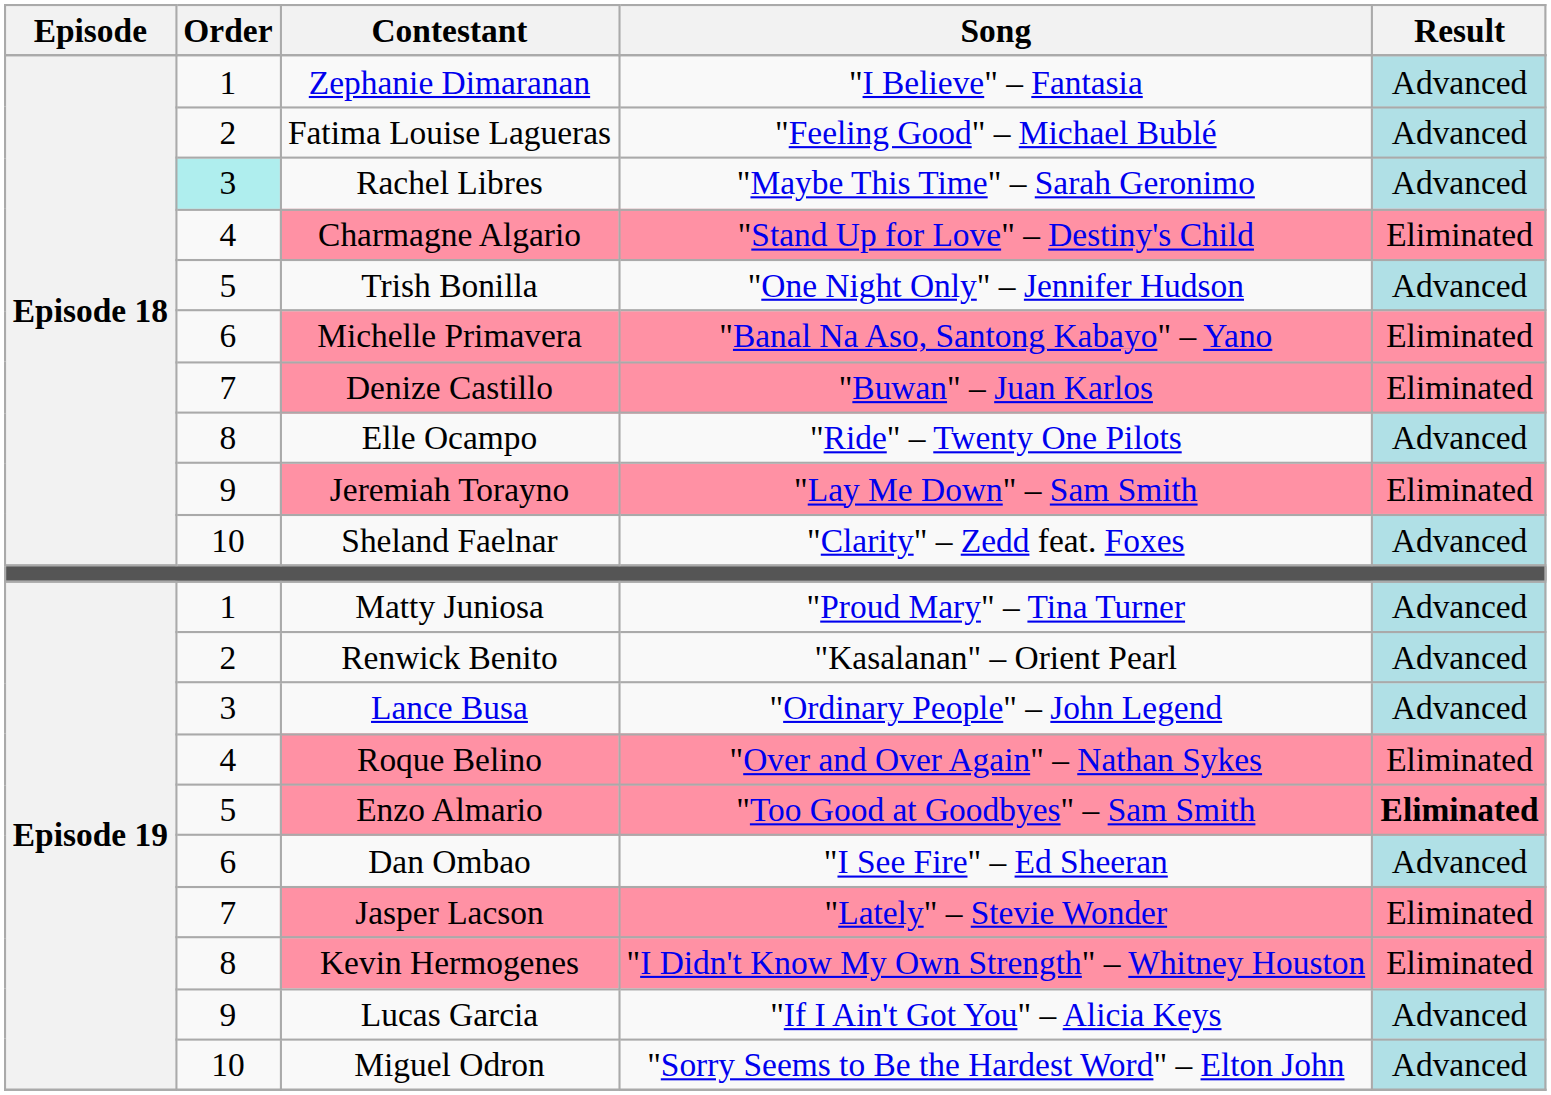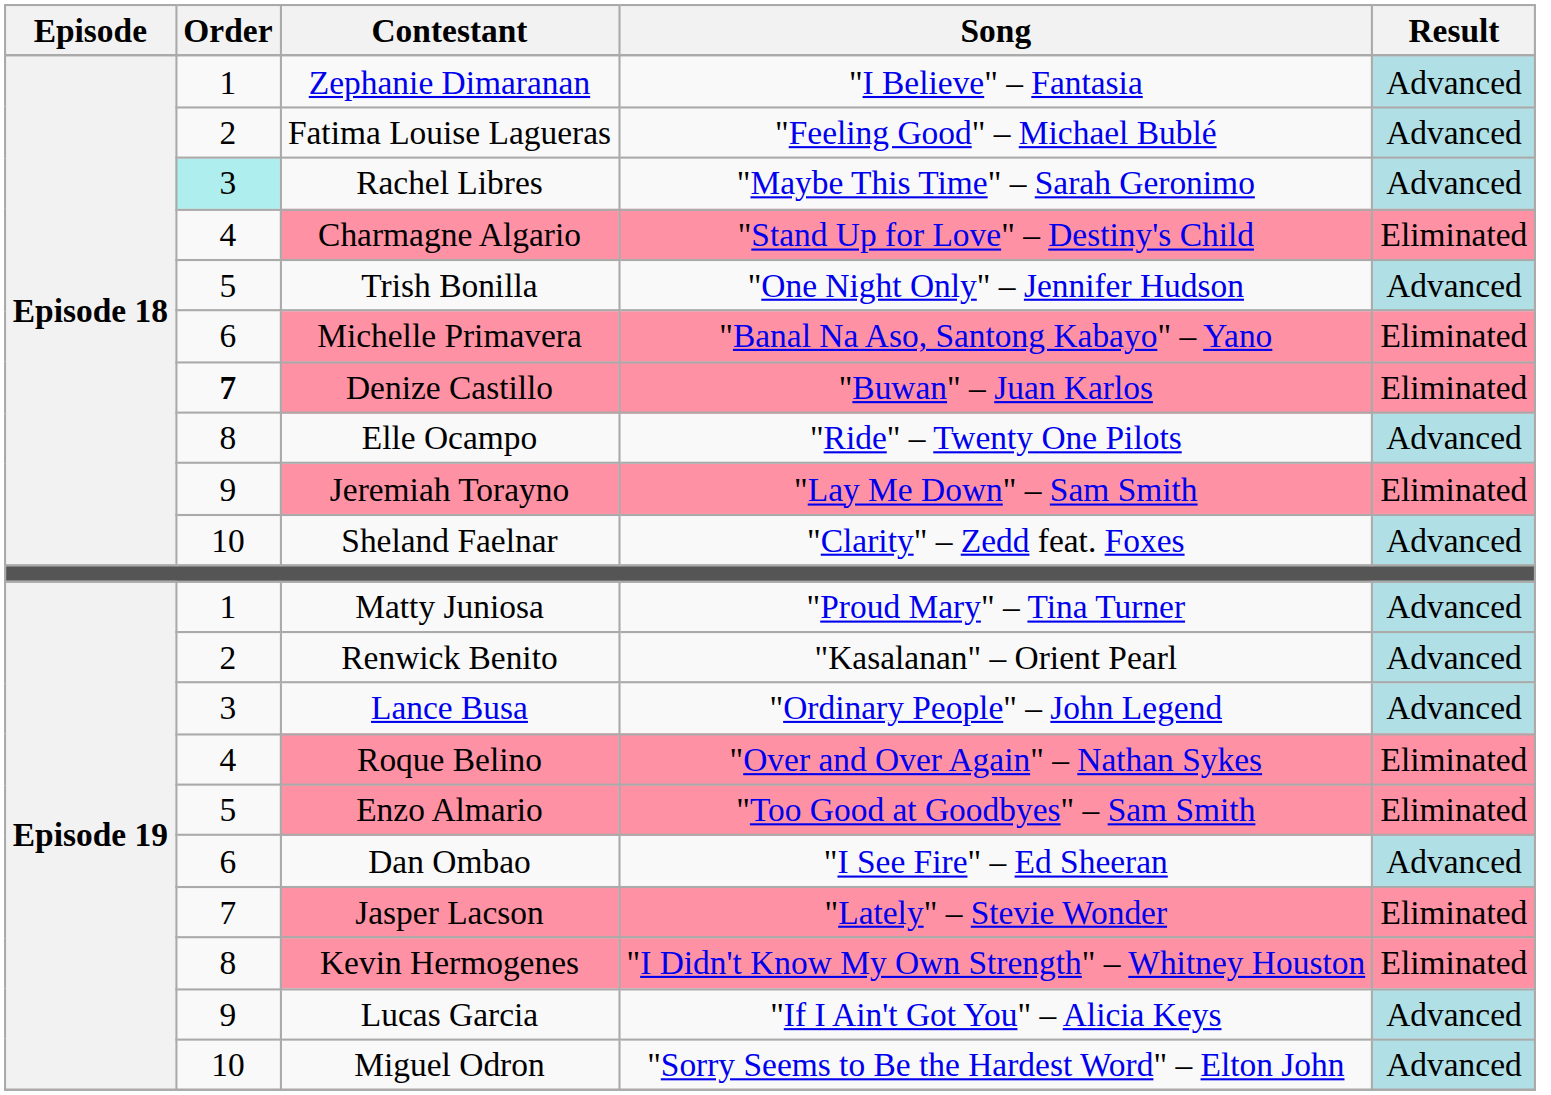 <table class="wikitable" style="text-align:center; line-height:17px; width:auto;">
 <tr>
 <th>Episode</th>
 <th>Order</th>
 <th>Contestant</th>
 <th>Song</th>
 <th>Result</th>
 </tr>
 <tr>
 </tr>
 <tr>
 <th rowspan="10"><strong>Episode 18</strong><br><small><em></em></small></th>
 <td>1</td>
 <td><a href='#'>Zephanie Dimaranan</a></td>
 <td>"<a href='#'>I Believe</a>" – <a href='#'>Fantasia</a></td>
 <td bgcolor=#B0E0E6>Advanced</td>
 </tr>
 <tr>
 <td>2</td>
 <td>Fatima Louise Lagueras</td>
 <td>"<a href='#'>Feeling Good</a>" – <a href='#'>Michael Bublé</a></td>
 <td bgcolor=#B0E0E6>Advanced</td>
 </tr>
 <tr>
 <td style="background: paleturquoise;">3</td>
 <td>Rachel Libres</td>
 <td>"<a href='#'>Maybe This Time</a>" – <a href='#'>Sarah Geronimo</a></td>
 <td bgcolor=#B0E0E6>Advanced</td>
 </tr>
 <tr>
 <td>4</td>
 <td bgcolor=#FF91A4>Charmagne Algario</td>
 <td bgcolor=#FF91A4>"<a href='#'>Stand Up for Love</a>" – <a href='#'>Destiny's Child</a></td>
 <td bgcolor=#FF91A4>Eliminated</td>
 </tr>
 <tr>
 <td>5</td>
 <td>Trish Bonilla</td>
 <td>"<a href='#'>One Night Only</a>" – <a href='#'>Jennifer Hudson</a></td>
 <td bgcolor=#B0E0E6>Advanced</td>
 </tr>
 <tr>
 <td>6</td>
 <td bgcolor=#FF91A4>Michelle Primavera</td>
 <td bgcolor=#FF91A4>"<a href='#'>Banal Na Aso, Santong Kabayo</a>" – <a href='#'>Yano</a></td>
 <td bgcolor=#FF91A4>Eliminated</td>
 </tr>
 <tr>
-<td>7</td>
+<td><strong>7</strong></td>
 <td bgcolor=#FF91A4>Denize Castillo</td>
 <td bgcolor=#FF91A4>"<a href='#'>Buwan</a>" – <a href='#'>Juan Karlos</a></td>
 <td bgcolor=#FF91A4>Eliminated</td>
 </tr>
 <tr>
 <td>8</td>
 <td>Elle Ocampo</td>
 <td>"<a href='#'>Ride</a>" – <a href='#'>Twenty One Pilots</a></td>
 <td bgcolor=#B0E0E6>Advanced</td>
 </tr>
 <tr>
 <td>9</td>
 <td bgcolor=#FF91A4>Jeremiah Torayno</td>
 <td bgcolor=#FF91A4>"<a href='#'>Lay Me Down</a>" – <a href='#'>Sam Smith</a></td>
 <td bgcolor=#FF91A4>Eliminated</td>
 </tr>
 <tr>
 <td>10</td>
 <td>Sheland Faelnar</td>
 <td>"<a href='#'>Clarity</a>" – <a href='#'>Zedd</a> feat. <a href='#'>Foxes</a></td>
 <td bgcolor=#B0E0E6>Advanced</td>
 </tr>
 <tr>
 <td colspan="6" style="background:#555;"></td>
 </tr>
 <tr>
 <th rowspan="10"><strong>Episode 19</strong><br><small><em></em></small></th>
 <td>1</td>
 <td>Matty Juniosa</td>
 <td>"<a href='#'>Proud Mary</a>" – <a href='#'>Tina Turner</a></td>
 <td bgcolor=#B0E0E6>Advanced</td>
 </tr>
 <tr>
 <td>2</td>
 <td>Renwick Benito</td>
 <td>"Kasalanan" – Orient Pearl</td>
 <td bgcolor=#B0E0E6>Advanced</td>
 </tr>
 <tr>
 <td>3</td>
 <td><a href='#'>Lance Busa</a></td>
 <td>"<a href='#'>Ordinary People</a>" – <a href='#'>John Legend</a></td>
 <td bgcolor=#B0E0E6>Advanced</td>
 </tr>
 <tr>
 <td>4</td>
 <td bgcolor=#FF91A4>Roque Belino</td>
 <td bgcolor=#FF91A4>"<a href='#'>Over and Over Again</a>" – <a href='#'>Nathan Sykes</a></td>
 <td bgcolor=#FF91A4>Eliminated</td>
 </tr>
 <tr>
 <td>5</td>
 <td bgcolor=#FF91A4>Enzo Almario</td>
 <td bgcolor=#FF91A4>"<a href='#'>Too Good at Goodbyes</a>" – <a href='#'>Sam Smith</a></td>
-<td bgcolor=#FF91A4><strong>Eliminated</strong></td>
+<td bgcolor=#FF91A4>Eliminated</td>
 </tr>
 <tr>
 <td>6</td>
 <td>Dan Ombao</td>
 <td>"<a href='#'>I See Fire</a>" – <a href='#'>Ed Sheeran</a></td>
 <td bgcolor=#B0E0E6>Advanced</td>
 </tr>
 <tr>
 <td>7</td>
 <td bgcolor=#FF91A4>Jasper Lacson</td>
 <td bgcolor=#FF91A4>"<a href='#'>Lately</a>" – <a href='#'>Stevie Wonder</a></td>
 <td bgcolor=#FF91A4>Eliminated</td>
 </tr>
 <tr>
 <td>8</td>
 <td bgcolor=#FF91A4>Kevin Hermogenes</td>
 <td bgcolor=#FF91A4>"<a href='#'>I Didn't Know My Own Strength</a>" – <a href='#'>Whitney Houston</a></td>
 <td bgcolor=#FF91A4>Eliminated</td>
 </tr>
 <tr>
 <td>9</td>
 <td>Lucas Garcia</td>
 <td>"<a href='#'>If I Ain't Got You</a>" – <a href='#'>Alicia Keys</a></td>
 <td bgcolor=#B0E0E6>Advanced</td>
 </tr>
 <tr>
 <td>10</td>
 <td>Miguel Odron</td>
 <td>"<a href='#'>Sorry Seems to Be the Hardest Word</a>" – <a href='#'>Elton John</a></td>
 <td bgcolor=#B0E0E6>Advanced</td>
 </tr>
 <tr>
 </tr>
 </table>
